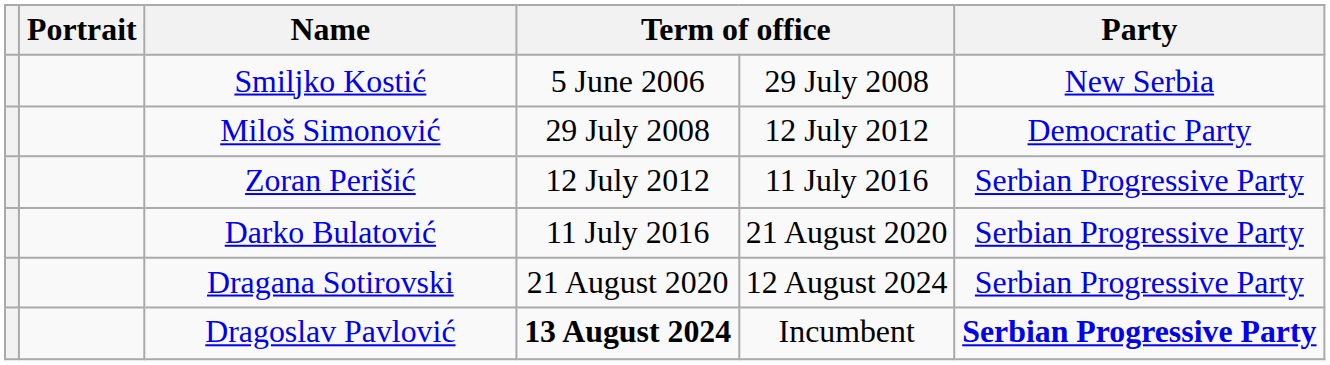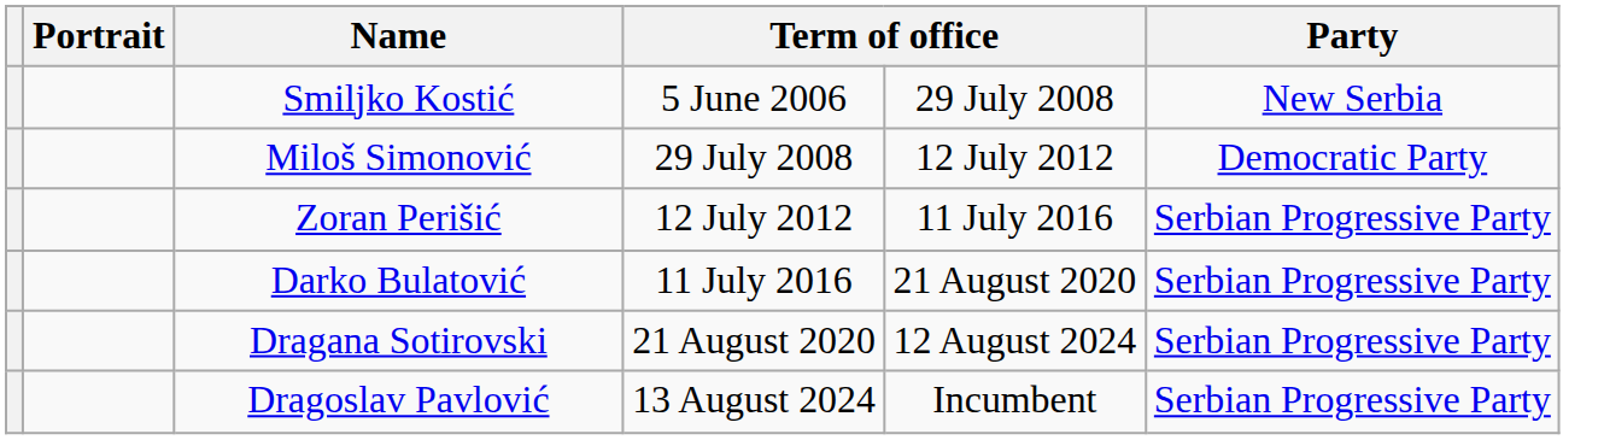 <table class="wikitable" style="text-align:center">
 <tr>
 <th></th>
 <th>Portrait</th>
 <th width=180>Name<br></th>
 <th colspan=2>Term of office</th>
 <th>Party</th>
 </tr>
 <tr>
 <th style="background:"></th>
 <td></td>
 <td><a href='#'>Smiljko Kostić</a><br></td>
 <td>5 June 2006</td>
 <td>29 July 2008</td>
 <td><a href='#'>New Serbia</a></td>
 </tr>
 <tr>
 <th style="background:"></th>
 <td></td>
 <td><a href='#'>Miloš Simonović</a><br></td>
 <td>29 July 2008</td>
 <td>12 July 2012</td>
 <td><a href='#'>Democratic Party</a></td>
 </tr>
 <tr>
 <th style="background:"></th>
 <td></td>
 <td><a href='#'>Zoran Perišić</a><br></td>
 <td>12 July 2012</td>
 <td>11 July 2016</td>
 <td><a href='#'>Serbian Progressive Party</a></td>
 </tr>
 <tr>
 <th style="background:"></th>
 <td></td>
 <td><a href='#'>Darko Bulatović</a><br></td>
 <td>11 July 2016</td>
 <td>21 August 2020</td>
 <td><a href='#'>Serbian Progressive Party</a></td>
 </tr>
 <tr>
 <th style="background:"></th>
 <td></td>
 <td><a href='#'>Dragana Sotirovski</a><br></td>
 <td>21 August 2020</td>
 <td>12 August 2024</td>
 <td><a href='#'>Serbian Progressive Party</a></td>
 </tr>
 <tr>
 <th style="background:"></th>
 <td></td>
 <td><a href='#'>Dragoslav Pavlović</a><br></td>
-<td><strong>13 August 2024</strong></td>
+<td>13 August 2024</td>
 <td>Incumbent</td>
-<td><strong><a href='#'>Serbian Progressive Party</a></strong></td>
+<td><a href='#'>Serbian Progressive Party</a></td>
 </tr>
 </table>
